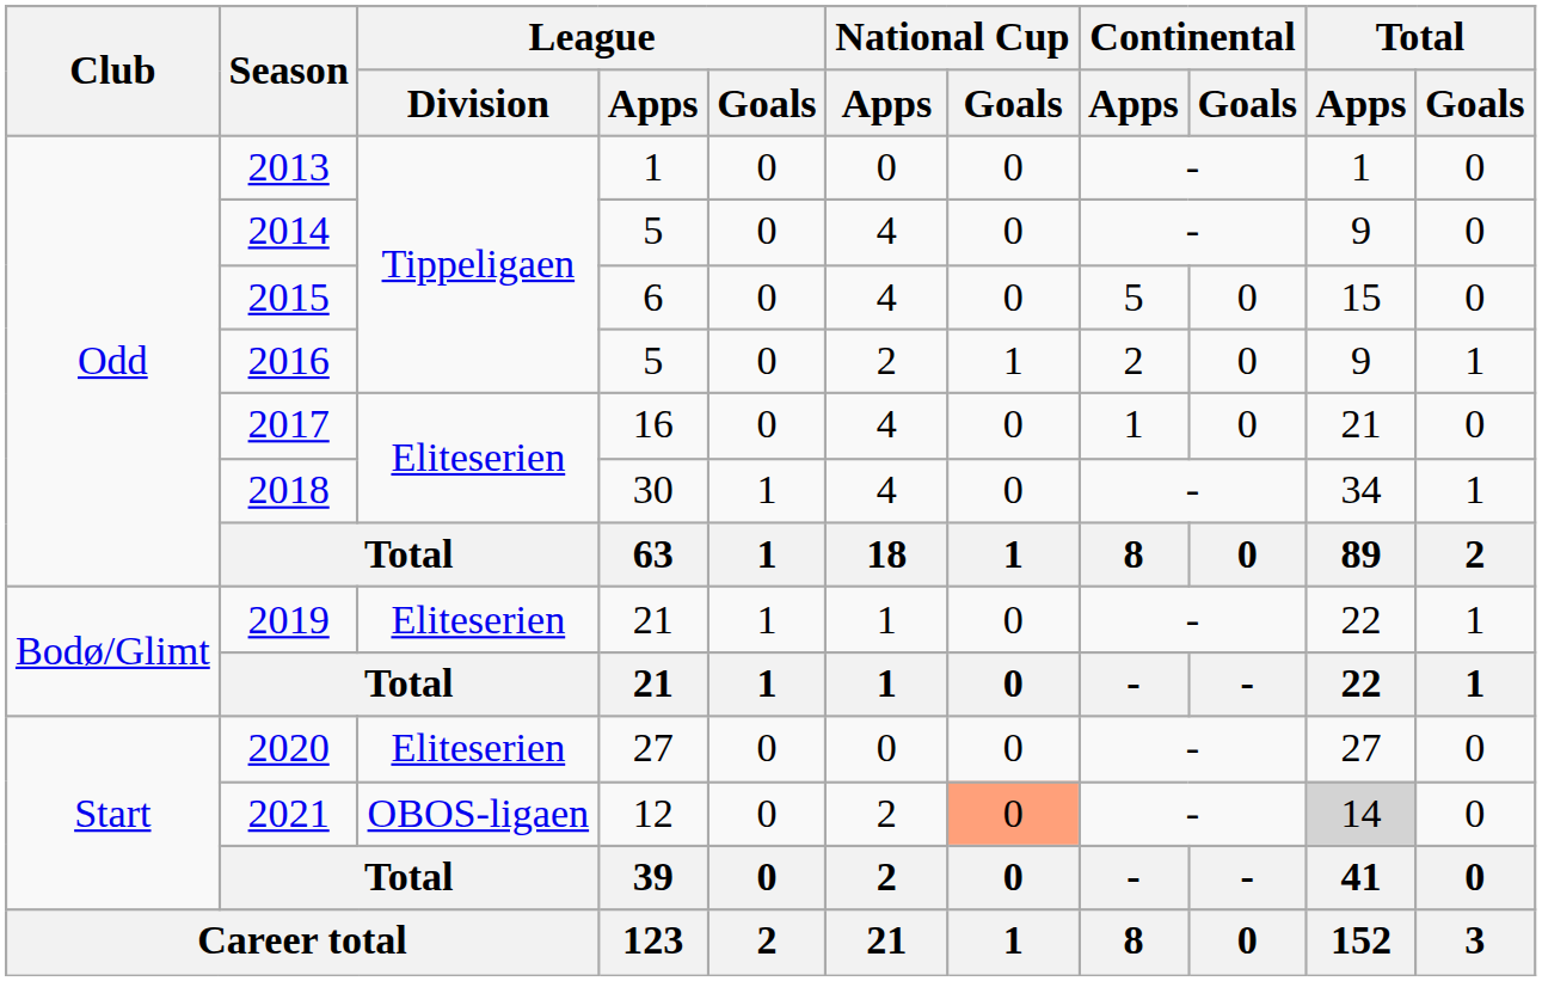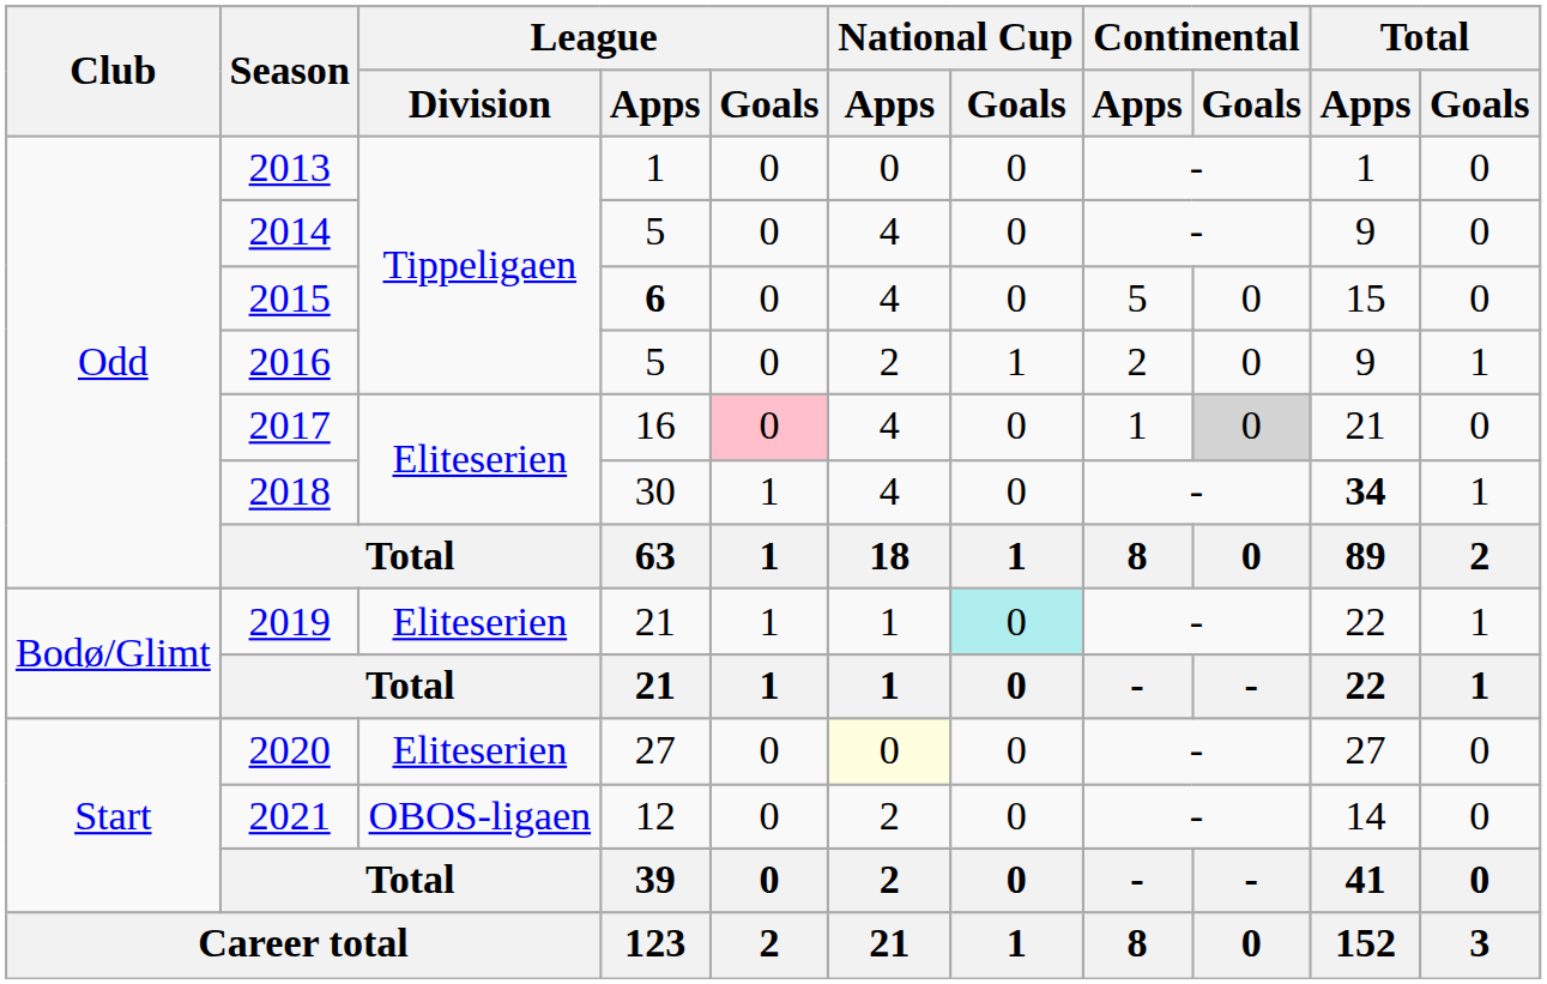 <table class="wikitable" style="text-align: center;">
 <tr>
 <th rowspan="2">Club</th>
 <th rowspan="2">Season</th>
 <th colspan="3">League</th>
 <th colspan="2">National Cup</th>
 <th colspan="2">Continental</th>
 <th colspan="2">Total</th>
 </tr>
 <tr>
 <th>Division</th>
 <th>Apps</th>
 <th>Goals</th>
 <th>Apps</th>
 <th>Goals</th>
 <th>Apps</th>
 <th>Goals</th>
 <th>Apps</th>
 <th>Goals</th>
 </tr>
 <tr>
 <td rowspan="7"><a href='#'>Odd</a></td>
 <td><a href='#'>2013</a></td>
 <td rowspan="4"><a href='#'>Tippeligaen</a></td>
 <td>1</td>
 <td>0</td>
 <td>0</td>
 <td>0</td>
 <td colspan="2">-</td>
 <td>1</td>
 <td>0</td>
 </tr>
 <tr>
 <td><a href='#'>2014</a></td>
 <td>5</td>
 <td>0</td>
 <td>4</td>
 <td>0</td>
 <td colspan="2">-</td>
 <td>9</td>
 <td>0</td>
 </tr>
 <tr>
 <td><a href='#'>2015</a></td>
-<td>6</td>
+<td><strong>6</strong></td>
 <td>0</td>
 <td>4</td>
 <td>0</td>
 <td>5</td>
 <td>0</td>
 <td>15</td>
 <td>0</td>
 </tr>
 <tr>
 <td><a href='#'>2016</a></td>
 <td>5</td>
 <td>0</td>
 <td>2</td>
 <td>1</td>
 <td>2</td>
 <td>0</td>
 <td>9</td>
 <td>1</td>
 </tr>
 <tr>
 <td><a href='#'>2017</a></td>
 <td rowspan="2"><a href='#'>Eliteserien</a></td>
 <td>16</td>
-<td>0</td>
+<td style="background: pink;">0</td>
 <td>4</td>
 <td>0</td>
 <td>1</td>
-<td>0</td>
+<td style="background: lightgrey;">0</td>
 <td>21</td>
 <td>0</td>
 </tr>
 <tr>
 <td><a href='#'>2018</a></td>
 <td>30</td>
 <td>1</td>
 <td>4</td>
 <td>0</td>
 <td colspan="2">-</td>
-<td>34</td>
+<td><strong>34</strong></td>
 <td>1</td>
 </tr>
 <tr>
 <th colspan="2">Total</th>
 <th>63</th>
 <th>1</th>
 <th>18</th>
 <th>1</th>
 <th>8</th>
 <th>0</th>
 <th>89</th>
 <th>2</th>
 </tr>
 <tr>
 <td rowspan="2"><a href='#'>Bodø/Glimt</a></td>
 <td><a href='#'>2019</a></td>
 <td rowspan="1"><a href='#'>Eliteserien</a></td>
 <td>21</td>
 <td>1</td>
 <td>1</td>
-<td>0</td>
+<td style="background: paleturquoise;">0</td>
 <td colspan="2">-</td>
 <td>22</td>
 <td>1</td>
 </tr>
 <tr>
 <th colspan="2">Total</th>
 <th>21</th>
 <th>1</th>
 <th>1</th>
 <th>0</th>
 <th>-</th>
 <th>-</th>
 <th>22</th>
 <th>1</th>
 </tr>
 <tr>
 <td rowspan="3"><a href='#'>Start</a></td>
 <td><a href='#'>2020</a></td>
 <td rowspan="1"><a href='#'>Eliteserien</a></td>
 <td>27</td>
 <td>0</td>
-<td>0</td>
+<td style="background: lightyellow;">0</td>
 <td>0</td>
 <td colspan="2">-</td>
 <td>27</td>
 <td>0</td>
 </tr>
 <tr>
 <td><a href='#'>2021</a></td>
 <td rowspan="1"><a href='#'>OBOS-ligaen</a></td>
 <td>12</td>
 <td>0</td>
 <td>2</td>
-<td style="background: lightsalmon;">0</td>
+<td>0</td>
 <td colspan="2">-</td>
-<td style="background: lightgrey;">14</td>
+<td>14</td>
 <td>0</td>
 </tr>
 <tr>
 <th colspan="2">Total</th>
 <th>39</th>
 <th>0</th>
 <th>2</th>
 <th>0</th>
 <th>-</th>
 <th>-</th>
 <th>41</th>
 <th>0</th>
 </tr>
 <tr>
 <th colspan="3">Career total</th>
 <th>123</th>
 <th>2</th>
 <th>21</th>
 <th>1</th>
 <th>8</th>
 <th>0</th>
 <th>152</th>
 <th>3</th>
 </tr>
 </table>
